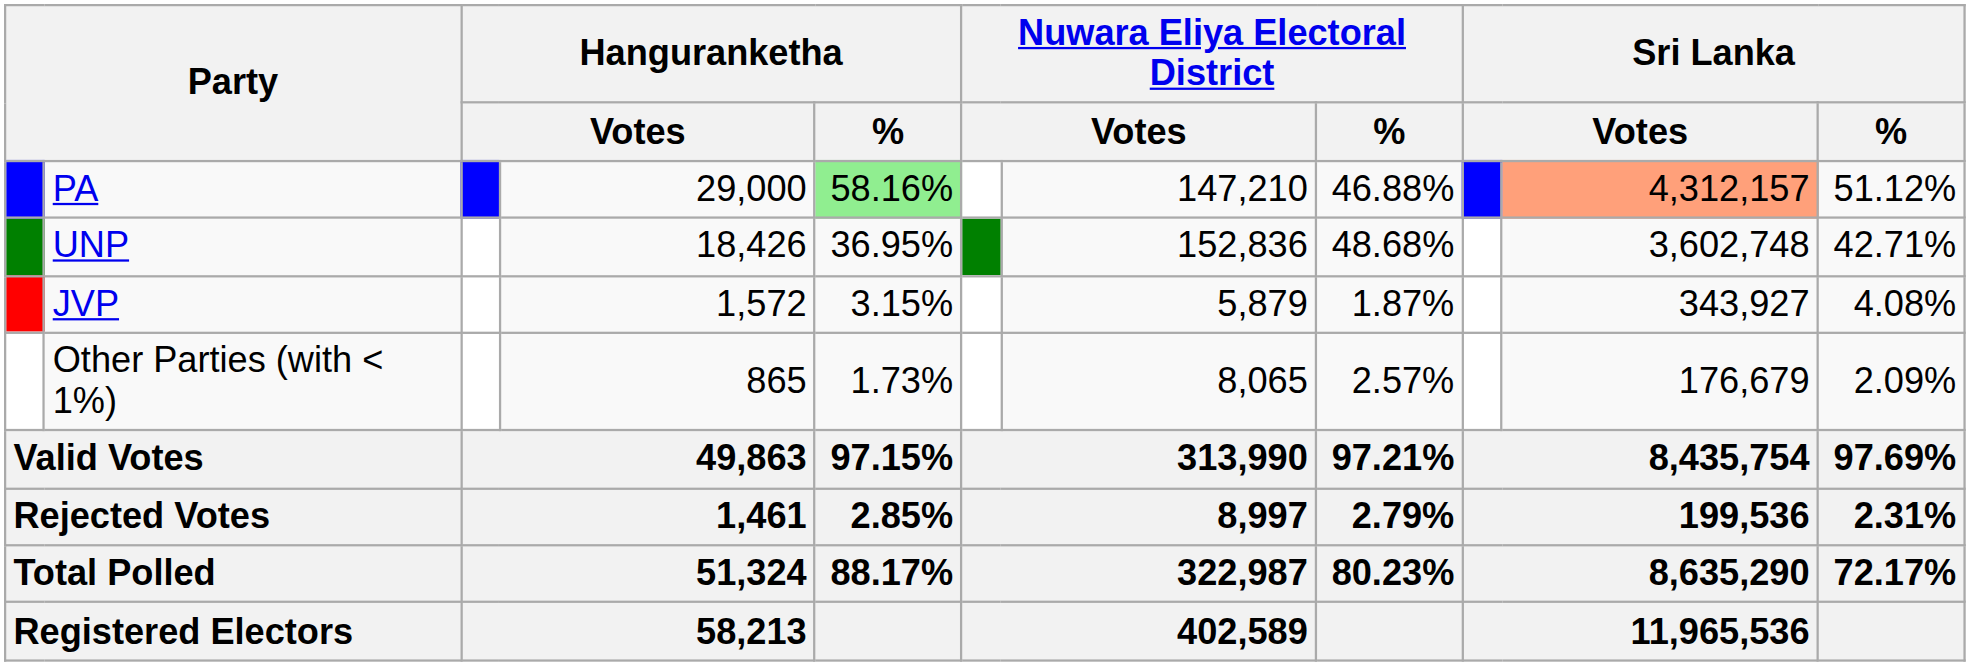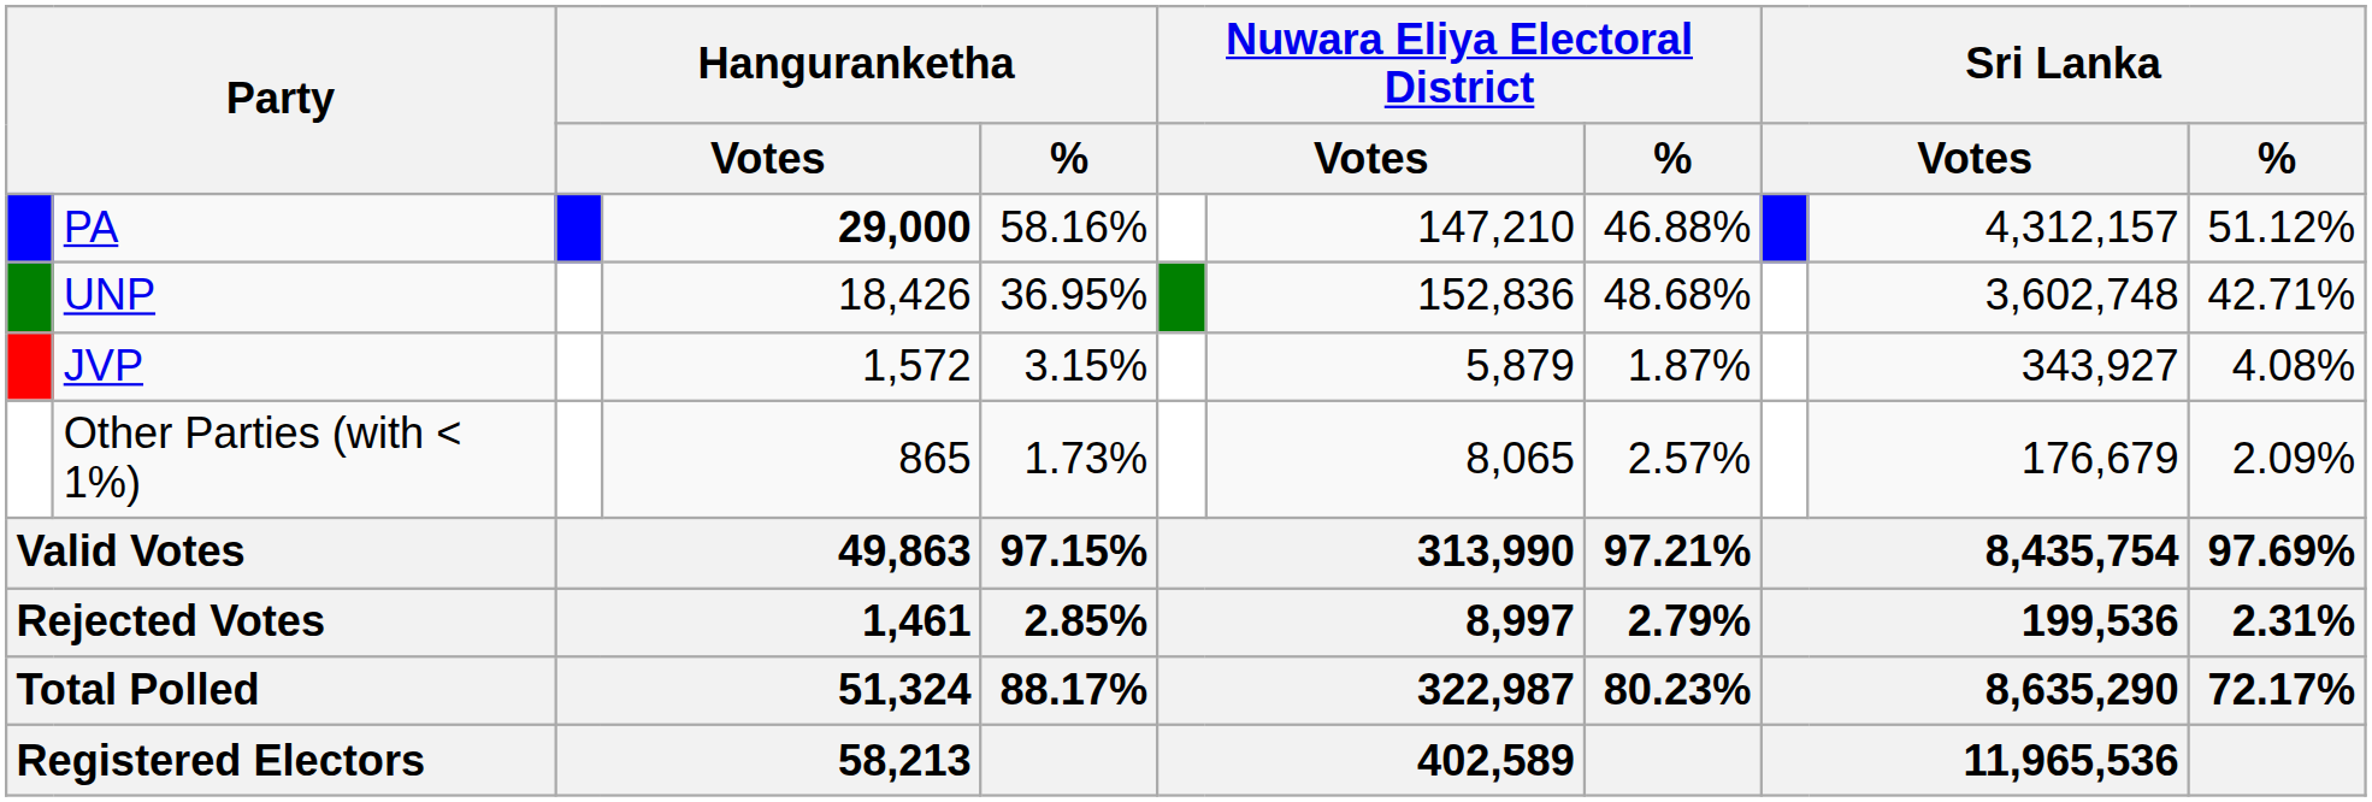 <table class="wikitable">
 <tr>
 <th colspan="2" width="144px"rowspan="2">Party</th>
 <th colspan="3" width="216px">Hanguranketha</th>
 <th colspan="3" width="216px"><a href='#'>Nuwara Eliya Electoral District</a></th>
 <th colspan="3" width="216px">Sri Lanka</th>
 </tr>
 <tr>
 <th colspan="2" width="144px">Votes</th>
 <th>%</th>
 <th colspan="2" width="144px">Votes</th>
 <th>%</th>
 <th colspan="2" width="144px">Votes</th>
 <th>%</th>
 </tr>
 <tr>
 <td style="background-color:blue;" width="10px"></td>
 <td style="text-align:left;"><a href='#'>PA</a></td>
 <td style="background-color:blue;" width="10px"></td>
-<td style="text-align:right;">29,000</td>
-<td style="background: lightgreen; text-align:right;">58.16%</td>
+<td style="text-align:right;"><strong>29,000</strong></td>
+<td style="text-align:right;">58.16%</td>
 <td style="background-color:white;" width="10px"></td>
 <td style="text-align:right;">147,210</td>
 <td style="text-align:right;">46.88%</td>
 <td style="background-color:blue;" width="10px"></td>
-<td style="background: lightsalmon; text-align:right;">4,312,157</td>
+<td style="text-align:right;">4,312,157</td>
 <td style="text-align:right;">51.12%</td>
 </tr>
 <tr>
 <td style="background-color:green;" width="10px"></td>
 <td style="text-align:left;"><a href='#'>UNP</a></td>
 <td style="background-color:white;" width="10px"></td>
 <td style="text-align:right;">18,426</td>
 <td style="text-align:right;">36.95%</td>
 <td style="background-color:green;" width="10px"></td>
 <td style="text-align:right;">152,836</td>
 <td style="text-align:right;">48.68%</td>
 <td style="background-color:white;" width="10px"></td>
 <td style="text-align:right;">3,602,748</td>
 <td style="text-align:right;">42.71%</td>
 </tr>
 <tr>
 <td style="background-color:red;" width="10px"></td>
 <td style="text-align:left;"><a href='#'>JVP</a></td>
 <td style="background-color:white;" width="10px"></td>
 <td style="text-align:right;">1,572</td>
 <td style="text-align:right;">3.15%</td>
 <td style="background-color:white;" width="10px"></td>
 <td style="text-align:right;">5,879</td>
 <td style="text-align:right;">1.87%</td>
 <td style="background-color:white;" width="10px"></td>
 <td style="text-align:right;">343,927</td>
 <td style="text-align:right;">4.08%</td>
 </tr>
 <tr>
 <td style="background-color:white;" width="10px"></td>
 <td style="text-align:left;">Other Parties (with < 1%)</td>
 <td style="background-color:white;" width="10px"></td>
 <td style="text-align:right;">865</td>
 <td style="text-align:right;">1.73%</td>
 <td style="background-color:white;" width="10px"></td>
 <td style="text-align:right;">8,065</td>
 <td style="text-align:right;">2.57%</td>
 <td style="background-color:white;" width="10px"></td>
 <td style="text-align:right;">176,679</td>
 <td style="text-align:right;">2.09%</td>
 </tr>
 <tr>
 <th colspan="2" width="144px"style="text-align:left;">Valid Votes</th>
 <th style="text-align:right;"colspan="2" width="144px">49,863</th>
 <th style="text-align:right;">97.15%</th>
 <th style="text-align:right;"colspan="2" width="144px">313,990</th>
 <th style="text-align:right;">97.21%</th>
 <th style="text-align:right;"colspan="2" width="144px">8,435,754</th>
 <th style="text-align:right;">97.69%</th>
 </tr>
 <tr>
 <th colspan="2" width="144px"style="text-align:left;">Rejected Votes</th>
 <th style="text-align:right;"colspan="2" width="144px">1,461</th>
 <th style="text-align:right;">2.85%</th>
 <th style="text-align:right;"colspan="2" width="144px">8,997</th>
 <th style="text-align:right;">2.79%</th>
 <th style="text-align:right;"colspan="2" width="144px">199,536</th>
 <th style="text-align:right;">2.31%</th>
 </tr>
 <tr>
 <th colspan="2" width="144px"style="text-align:left;">Total Polled</th>
 <th style="text-align:right;"colspan="2" width="144px">51,324</th>
 <th style="text-align:right;">88.17%</th>
 <th style="text-align:right;"colspan="2" width="144px">322,987</th>
 <th style="text-align:right;">80.23%</th>
 <th style="text-align:right;"colspan="2" width="144px">8,635,290</th>
 <th style="text-align:right;">72.17%</th>
 </tr>
 <tr>
 <th colspan="2" width="144px"style="text-align:left;">Registered Electors</th>
 <th style="text-align:right;"colspan="2" width="144px">58,213</th>
 <th></th>
 <th style="text-align:right;"colspan="2" width="144px">402,589</th>
 <th></th>
 <th style="text-align:right;"colspan="2" width="144px">11,965,536</th>
 <th></th>
 </tr>
 </table>
